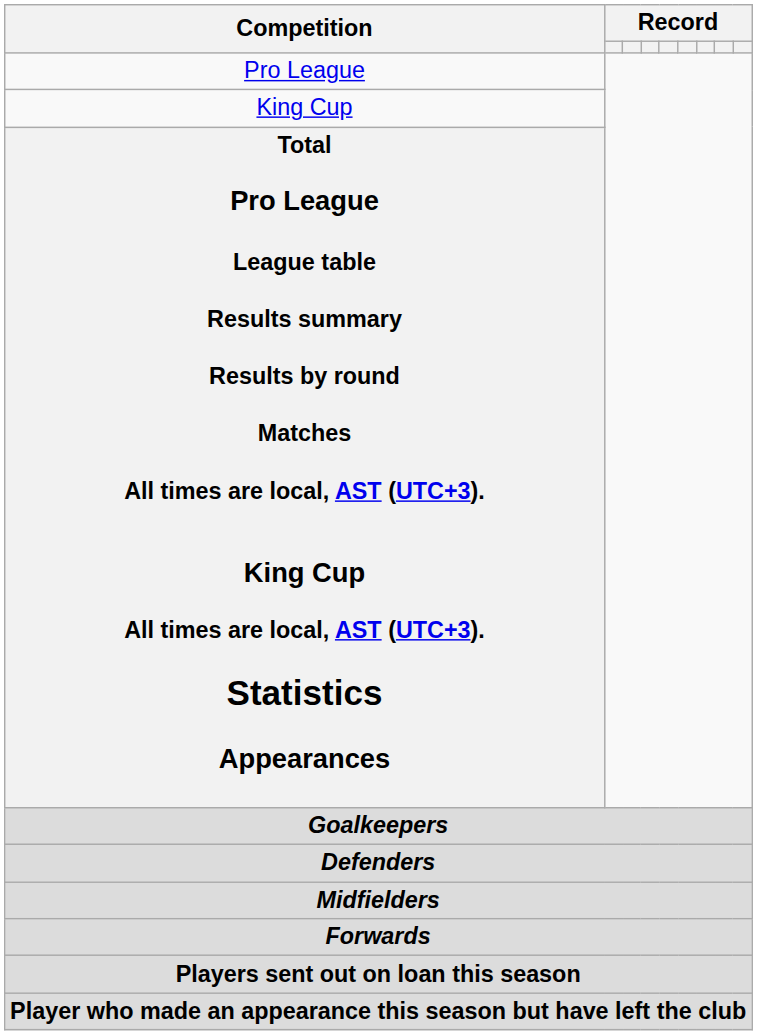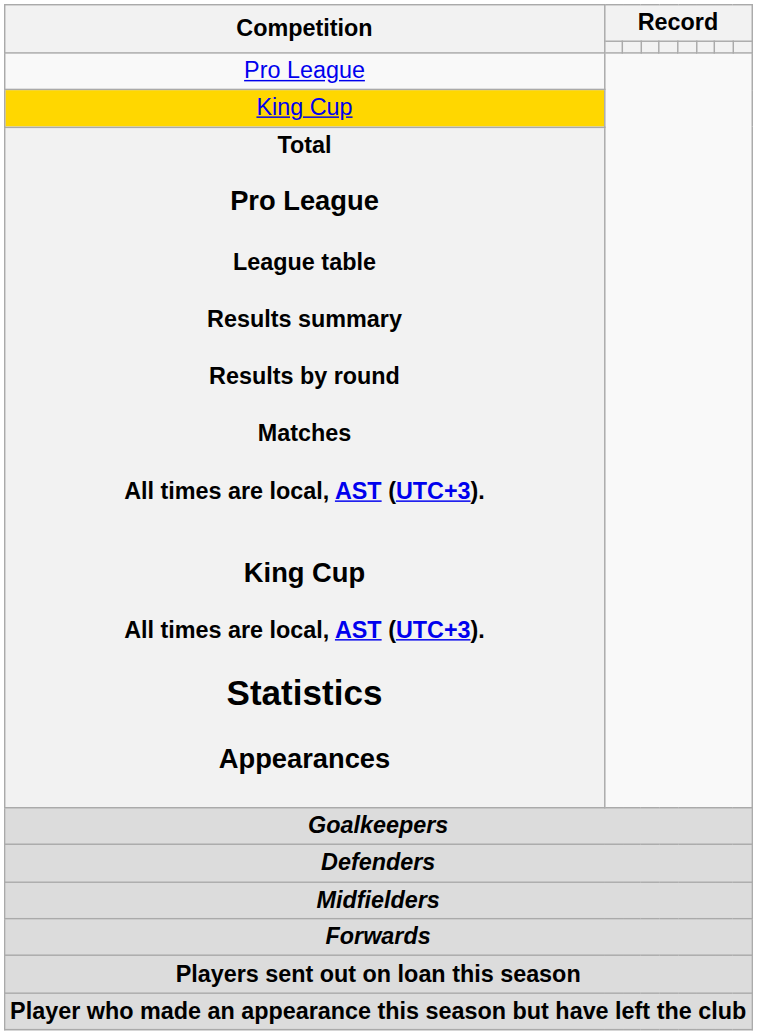 <table class="wikitable" style="text-align: center">
 <tr>
 <th rowspan=2>Competition</th>
 <th colspan=8>Record</th>
 </tr>
 <tr>
 <th></th>
 <th></th>
 <th></th>
 <th></th>
 <th></th>
 <th></th>
 <th></th>
 <th></th>
 </tr>
 <tr>
 <td><a href='#'>Pro League</a><br></td>
 </tr>
 <tr>
-<td><a href='#'>King Cup</a><br></td>
+<td style="background: gold;"><a href='#'>King Cup</a><br></td>
 </tr>
 <tr>
 <th>Total<br> <h3>Pro League</h3><h4>League table</h4><h4>Results summary</h4> <h4>Results by round</h4><h4>Matches</h4>All times are local, <a href='#'>AST</a> (<a href='#'>UTC+3</a>).<br>   <br>                             <h3>King Cup</h3> All times are local, <a href='#'>AST</a> (<a href='#'>UTC+3</a>).<br><h2>Statistics</h2><h3>Appearances</h3></th>
 </tr>
 <tr>
 <th colspan=10 style=background:#dcdcdc; text-align:center><em>Goalkeepers</em><br>  </th>
 </tr>
 <tr>
 <th colspan=10 style=background:#dcdcdc; text-align:center><em>Defenders</em><br>         </th>
 </tr>
 <tr>
 <th colspan=10 style=background:#dcdcdc; text-align:center><em>Midfielders</em><br>             </th>
 </tr>
 <tr>
 <th colspan=10 style=background:#dcdcdc; text-align:center><em>Forwards</em><br>   </th>
 </tr>
 <tr>
 <th colspan=16 style=background:#dcdcdc; text-align:center>Players sent out on loan this season<br>  </th>
 </tr>
 <tr>
 <th colspan=18 style=background:#dcdcdc; text-align:center>Player who made an appearance this season but have left the club<br>  </th>
 </tr>
 </table>
